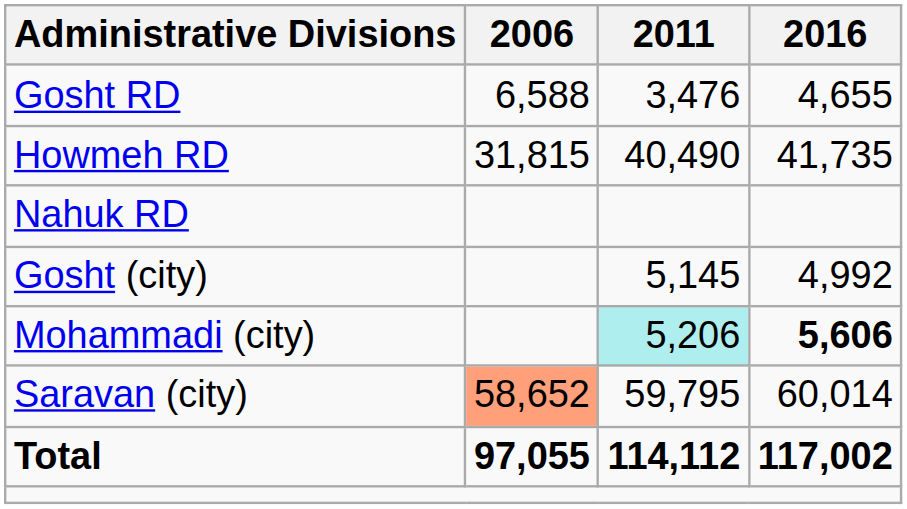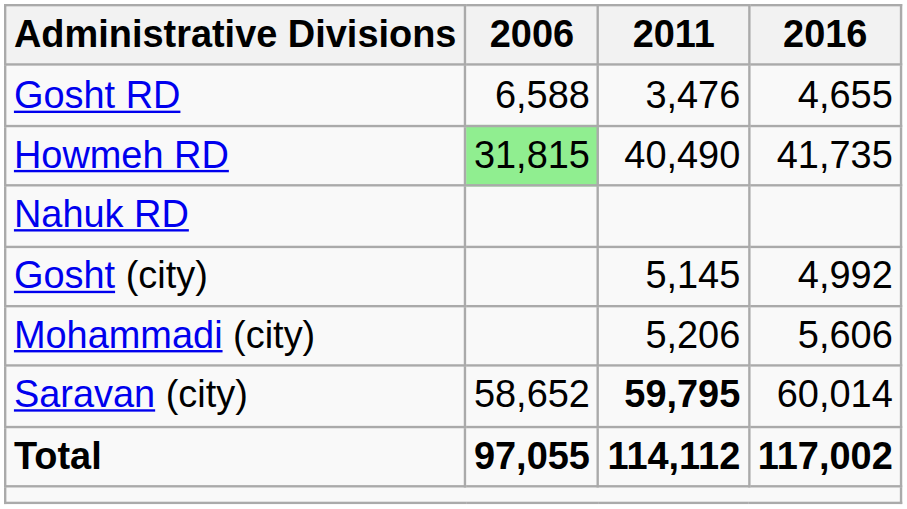 <table class="wikitable">
 <tr>
 <th>Administrative Divisions</th>
 <th>2006</th>
 <th>2011</th>
 <th>2016</th>
 </tr>
 <tr>
 <td><a href='#'>Gosht RD</a></td>
 <td style="text-align: right;">6,588</td>
 <td style="text-align: right;">3,476</td>
 <td style="text-align: right;">4,655</td>
 </tr>
 <tr>
 <td><a href='#'>Howmeh RD</a></td>
-<td style="text-align: right;">31,815</td>
+<td style="background: lightgreen; text-align: right;">31,815</td>
 <td style="text-align: right;">40,490</td>
 <td style="text-align: right;">41,735</td>
 </tr>
 <tr>
 <td><a href='#'>Nahuk RD</a></td>
 <td style="text-align: right;"></td>
 <td style="text-align: right;"></td>
 <td style="text-align: right;"></td>
 </tr>
 <tr>
 <td><a href='#'>Gosht</a> (city)</td>
 <td style="text-align: right;"></td>
 <td style="text-align: right;">5,145</td>
 <td style="text-align: right;">4,992</td>
 </tr>
 <tr>
 <td><a href='#'>Mohammadi</a> (city)</td>
 <td style="text-align: right;"></td>
-<td style="background: paleturquoise; text-align: right;">5,206</td>
-<td style="text-align: right;"><strong>5,606</strong></td>
+<td style="text-align: right;">5,206</td>
+<td style="text-align: right;">5,606</td>
 </tr>
 <tr>
 <td><a href='#'>Saravan</a> (city)</td>
-<td style="background: lightsalmon; text-align: right;">58,652</td>
-<td style="text-align: right;">59,795</td>
+<td style="text-align: right;">58,652</td>
+<td style="text-align: right;"><strong>59,795</strong></td>
 <td style="text-align: right;">60,014</td>
 </tr>
 <tr>
 <td><strong>Total</strong></td>
 <td style="text-align: right;"><strong>97,055</strong></td>
 <td style="text-align: right;"><strong>114,112</strong></td>
 <td style="text-align: right;"><strong>117,002</strong></td>
 </tr>
 <tr>
 <td colspan=4></td>
 </tr>
 </table>
